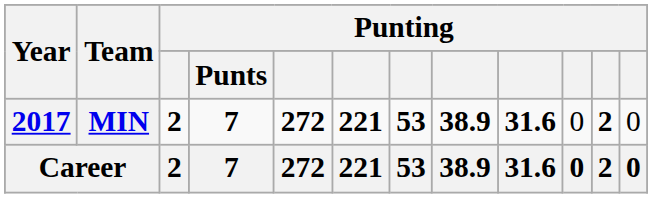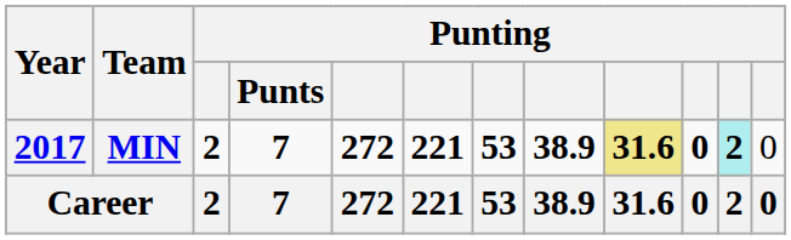 <table class=wikitable style="text-align:center;">
 <tr>
 <th rowspan="2">Year</th>
 <th rowspan="2">Team</th>
 <th colspan="10">Punting</th>
 </tr>
 <tr>
 <th></th>
 <th>Punts</th>
 <th></th>
 <th></th>
 <th></th>
 <th></th>
 <th></th>
 <th></th>
 <th></th>
 <th></th>
 </tr>
 <tr>
 <th><a href='#'>2017</a></th>
 <th><a href='#'>MIN</a></th>
 <td><strong>2</strong></td>
 <td><strong>7</strong></td>
 <td><strong>272</strong></td>
 <td><strong>221</strong></td>
 <td><strong>53</strong></td>
 <td><strong>38.9</strong></td>
-<td><strong>31.6</strong></td>
-<td>0</td>
-<td><strong>2</strong></td>
+<td style="background: khaki;"><strong>31.6</strong></td>
+<td><strong>0</strong></td>
+<td style="background: paleturquoise;"><strong>2</strong></td>
 <td>0</td>
 </tr>
 <tr>
 <th colspan="2">Career</th>
 <th>2</th>
 <th>7</th>
 <th>272</th>
 <th>221</th>
 <th>53</th>
 <th>38.9</th>
 <th>31.6</th>
 <th>0</th>
 <th>2</th>
 <th>0</th>
 </tr>
 </table>
